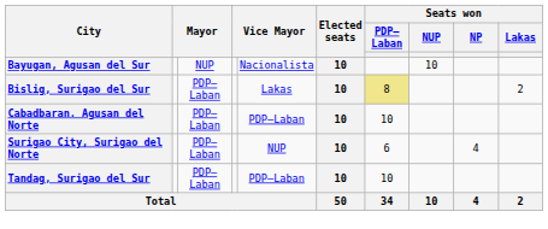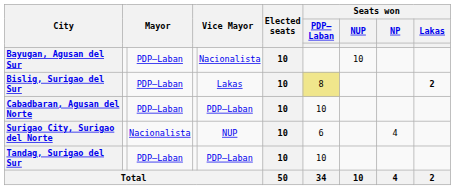 <table class="wikitable" style="text-align:center; font-size: 0.9em;">
 <tr>
 <th rowspan="3">City</th>
 <th colspan="2" rowspan="3" style="width:60px;">Mayor</th>
 <th colspan="2" rowspan="3" style="width:60px;">Vice Mayor</th>
 <th rowspan="3">Elected<br>seats</th>
 <th colspan="4">Seats won</th>
 </tr>
 <tr>
 <th class="unsortable" style="width:45px;"><a href='#'>PDP–Laban</a></th>
 <th class="unsortable" style="width:45px;"><a href='#'>NUP</a></th>
 <th class="unsortable" style="width:45px;"><a href='#'>NP</a></th>
 <th class="unsortable" style="width:45px;"><a href='#'>Lakas</a></th>
 </tr>
 <tr>
 <th style="color:inherit;background:"></th>
 <th style="color:inherit;background:"></th>
 <th style="color:inherit;background:"></th>
 <th style="color:inherit;background:"></th>
 </tr>
 <tr>
 <th style="text-align: left;"><a href='#'>Bayugan, Agusan del Sur</a></th>
 <td style="color:inherit;background:"></td>
-<td><a href='#'>NUP</a></td>
+<td><a href='#'>PDP–Laban</a></td>
 <td style="color:inherit;background:"></td>
 <td><a href='#'>Nacionalista</a></td>
 <th>10</th>
 <td></td>
 <td>10</td>
 <td></td>
 <td></td>
 </tr>
 <tr>
 <th style="text-align: left;"><a href='#'>Bislig, Surigao del Sur</a></th>
 <td style="color:inherit;background:"></td>
 <td><a href='#'>PDP–Laban</a></td>
 <td style="color:inherit;background:"></td>
 <td><a href='#'>Lakas</a></td>
 <th>10</th>
 <td style="background: khaki;">8</td>
 <td></td>
 <td></td>
-<td>2</td>
+<td><strong>2</strong></td>
 </tr>
 <tr>
 <th style="text-align: left;"><a href='#'>Cabadbaran, Agusan del Norte</a></th>
 <td style="color:inherit;background:"></td>
 <td><a href='#'>PDP–Laban</a></td>
 <td style="color:inherit;background:"></td>
 <td><a href='#'>PDP–Laban</a></td>
 <th>10</th>
 <td>10</td>
 <td></td>
 <td></td>
 <td></td>
 </tr>
 <tr>
 <th style="text-align: left;"><a href='#'>Surigao City, Surigao del Norte</a></th>
 <td style="color:inherit;background:"></td>
-<td><a href='#'>PDP–Laban</a></td>
+<td><a href='#'>Nacionalista</a></td>
 <td style="color:inherit;background:"></td>
 <td><a href='#'>NUP</a></td>
 <th>10</th>
 <td>6</td>
 <td></td>
 <td>4</td>
 <td></td>
 </tr>
 <tr>
 <th style="text-align: left;"><a href='#'>Tandag, Surigao del Sur</a></th>
 <td style="color:inherit;background:"></td>
 <td><a href='#'>PDP–Laban</a></td>
 <td style="color:inherit;background:"></td>
 <td><a href='#'>PDP–Laban</a></td>
 <th>10</th>
 <td>10</td>
 <td></td>
 <td></td>
 <td></td>
 </tr>
 <tr>
 <th colspan="5">Total</th>
 <th>50</th>
 <th>34</th>
 <th>10</th>
 <th>4</th>
 <th>2</th>
 </tr>
 </table>
